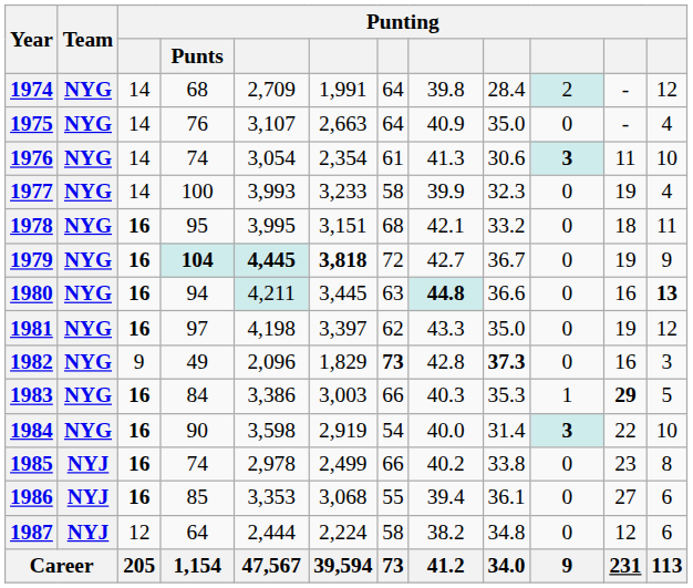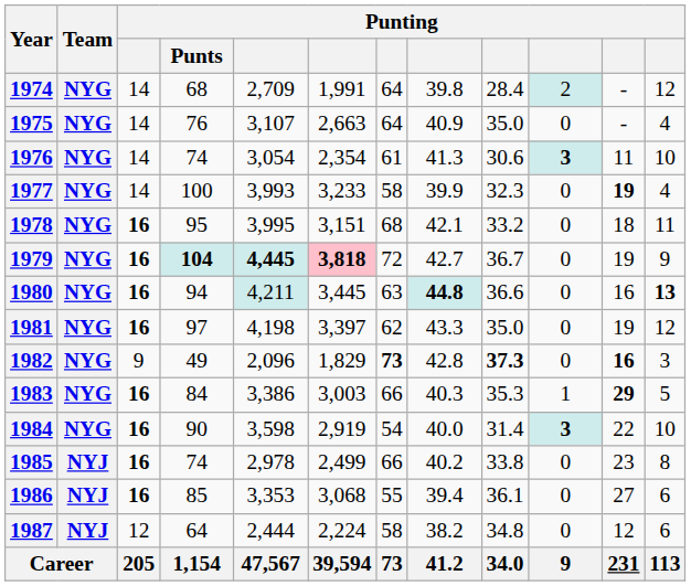 <table class=wikitable style="text-align:center;">
 <tr>
 <th rowspan="2">Year</th>
 <th rowspan="2">Team</th>
 <th colspan="10">Punting</th>
 </tr>
 <tr>
 <th></th>
 <th>Punts</th>
 <th></th>
 <th></th>
 <th></th>
 <th></th>
 <th></th>
 <th></th>
 <th></th>
 <th></th>
 </tr>
 <tr>
 <th><a href='#'>1974</a></th>
 <th><a href='#'>NYG</a></th>
 <td>14</td>
 <td>68</td>
 <td>2,709</td>
 <td>1,991</td>
 <td>64</td>
 <td>39.8</td>
 <td>28.4</td>
 <td style="background:#cfecec; width:3em;">2</td>
 <td>-</td>
 <td>12</td>
 </tr>
 <tr>
 <th><a href='#'>1975</a></th>
 <th><a href='#'>NYG</a></th>
 <td>14</td>
 <td>76</td>
 <td>3,107</td>
 <td>2,663</td>
 <td>64</td>
 <td>40.9</td>
 <td>35.0</td>
 <td>0</td>
 <td>-</td>
 <td>4</td>
 </tr>
 <tr>
 <th><a href='#'>1976</a></th>
 <th><a href='#'>NYG</a></th>
 <td>14</td>
 <td>74</td>
 <td>3,054</td>
 <td>2,354</td>
 <td>61</td>
 <td>41.3</td>
 <td>30.6</td>
 <td style="background:#cfecec; width:3em;"><strong>3</strong></td>
 <td>11</td>
 <td>10</td>
 </tr>
 <tr>
 <th><a href='#'>1977</a></th>
 <th><a href='#'>NYG</a></th>
 <td>14</td>
 <td>100</td>
 <td>3,993</td>
 <td>3,233</td>
 <td>58</td>
 <td>39.9</td>
 <td>32.3</td>
 <td>0</td>
-<td>19</td>
+<td><strong>19</strong></td>
 <td>4</td>
 </tr>
 <tr>
 <th><a href='#'>1978</a></th>
 <th><a href='#'>NYG</a></th>
 <td><strong>16</strong></td>
 <td>95</td>
 <td>3,995</td>
 <td>3,151</td>
 <td>68</td>
 <td>42.1</td>
 <td>33.2</td>
 <td>0</td>
 <td>18</td>
 <td>11</td>
 </tr>
 <tr>
 <th><a href='#'>1979</a></th>
 <th><a href='#'>NYG</a></th>
 <td><strong>16</strong></td>
 <td style="background:#cfecec; width:3em;"><strong>104</strong></td>
 <td style="background:#cfecec; width:3em;"><strong>4,445</strong></td>
-<td><strong>3,818</strong></td>
+<td style="background: pink;"><strong>3,818</strong></td>
 <td>72</td>
 <td>42.7</td>
 <td>36.7</td>
 <td>0</td>
 <td>19</td>
 <td>9</td>
 </tr>
 <tr>
 <th><a href='#'>1980</a></th>
 <th><a href='#'>NYG</a></th>
 <td><strong>16</strong></td>
 <td>94</td>
 <td style="background:#cfecec; width:3em;">4,211</td>
 <td>3,445</td>
 <td>63</td>
 <td style="background:#cfecec; width:3em;"><strong>44.8</strong></td>
 <td>36.6</td>
 <td>0</td>
 <td>16</td>
 <td><strong>13</strong></td>
 </tr>
 <tr>
 <th><a href='#'>1981</a></th>
 <th><a href='#'>NYG</a></th>
 <td><strong>16</strong></td>
 <td>97</td>
 <td>4,198</td>
 <td>3,397</td>
 <td>62</td>
 <td>43.3</td>
 <td>35.0</td>
 <td>0</td>
 <td>19</td>
 <td>12</td>
 </tr>
 <tr>
 <th><a href='#'>1982</a></th>
 <th><a href='#'>NYG</a></th>
 <td>9</td>
 <td>49</td>
 <td>2,096</td>
 <td>1,829</td>
 <td><strong>73</strong></td>
 <td>42.8</td>
 <td><strong>37.3</strong></td>
 <td>0</td>
-<td>16</td>
+<td><strong>16</strong></td>
 <td>3</td>
 </tr>
 <tr>
 <th><a href='#'>1983</a></th>
 <th><a href='#'>NYG</a></th>
 <td><strong>16</strong></td>
 <td>84</td>
 <td>3,386</td>
 <td>3,003</td>
 <td>66</td>
 <td>40.3</td>
 <td>35.3</td>
 <td>1</td>
 <td><strong>29</strong></td>
 <td>5</td>
 </tr>
 <tr>
 <th><a href='#'>1984</a></th>
 <th><a href='#'>NYG</a></th>
 <td><strong>16</strong></td>
 <td>90</td>
 <td>3,598</td>
 <td>2,919</td>
 <td>54</td>
 <td>40.0</td>
 <td>31.4</td>
 <td style="background:#cfecec; width:3em;"><strong>3</strong></td>
 <td>22</td>
 <td>10</td>
 </tr>
 <tr>
 <th><a href='#'>1985</a></th>
 <th><a href='#'>NYJ</a></th>
 <td><strong>16</strong></td>
 <td>74</td>
 <td>2,978</td>
 <td>2,499</td>
 <td>66</td>
 <td>40.2</td>
 <td>33.8</td>
 <td>0</td>
 <td>23</td>
 <td>8</td>
 </tr>
 <tr>
 <th><a href='#'>1986</a></th>
 <th><a href='#'>NYJ</a></th>
 <td><strong>16</strong></td>
 <td>85</td>
 <td>3,353</td>
 <td>3,068</td>
 <td>55</td>
 <td>39.4</td>
 <td>36.1</td>
 <td>0</td>
 <td>27</td>
 <td>6</td>
 </tr>
 <tr>
 <th><a href='#'>1987</a></th>
 <th><a href='#'>NYJ</a></th>
 <td>12</td>
 <td>64</td>
 <td>2,444</td>
 <td>2,224</td>
 <td>58</td>
 <td>38.2</td>
 <td>34.8</td>
 <td>0</td>
 <td>12</td>
 <td>6</td>
 </tr>
 <tr>
 <th colspan="2">Career</th>
 <th>205</th>
 <th>1,154</th>
 <th>47,567</th>
 <th>39,594</th>
 <th>73</th>
 <th>41.2</th>
 <th>34.0</th>
 <th>9</th>
 <th><u>231</u></th>
 <th>113</th>
 </tr>
 </table>
